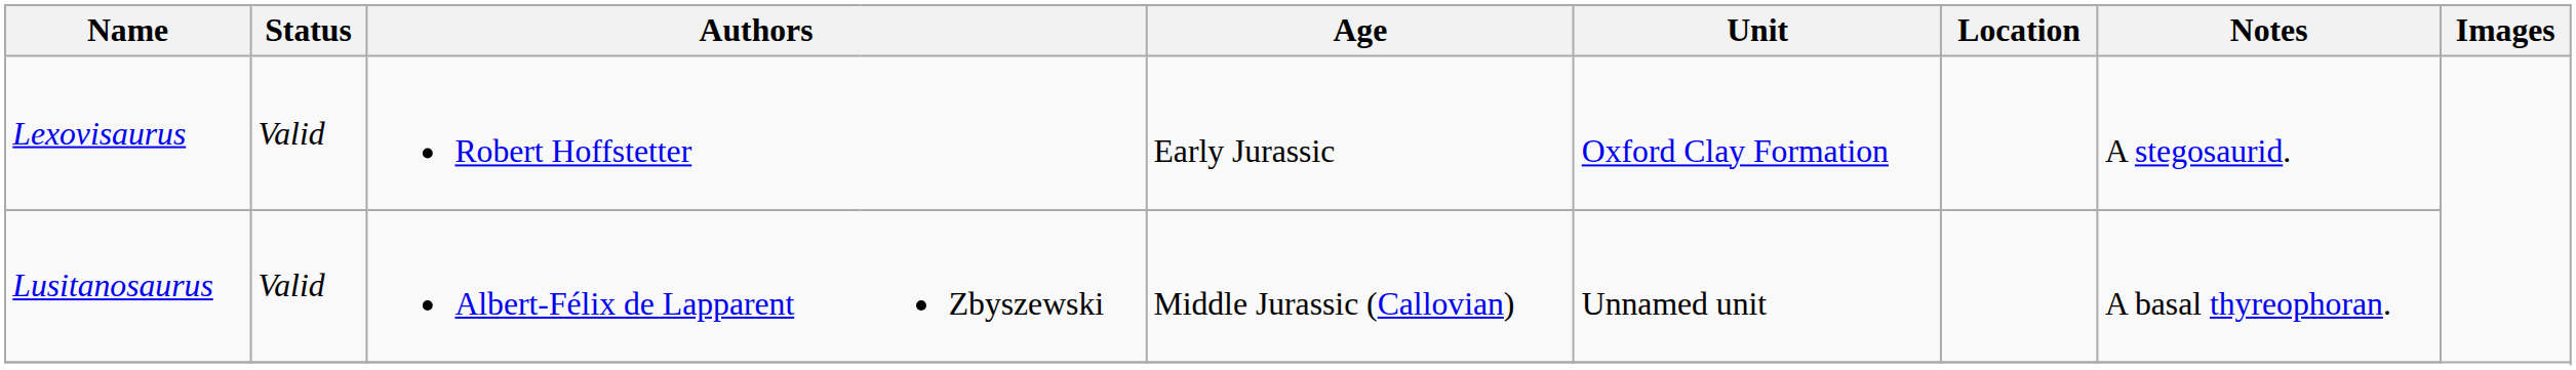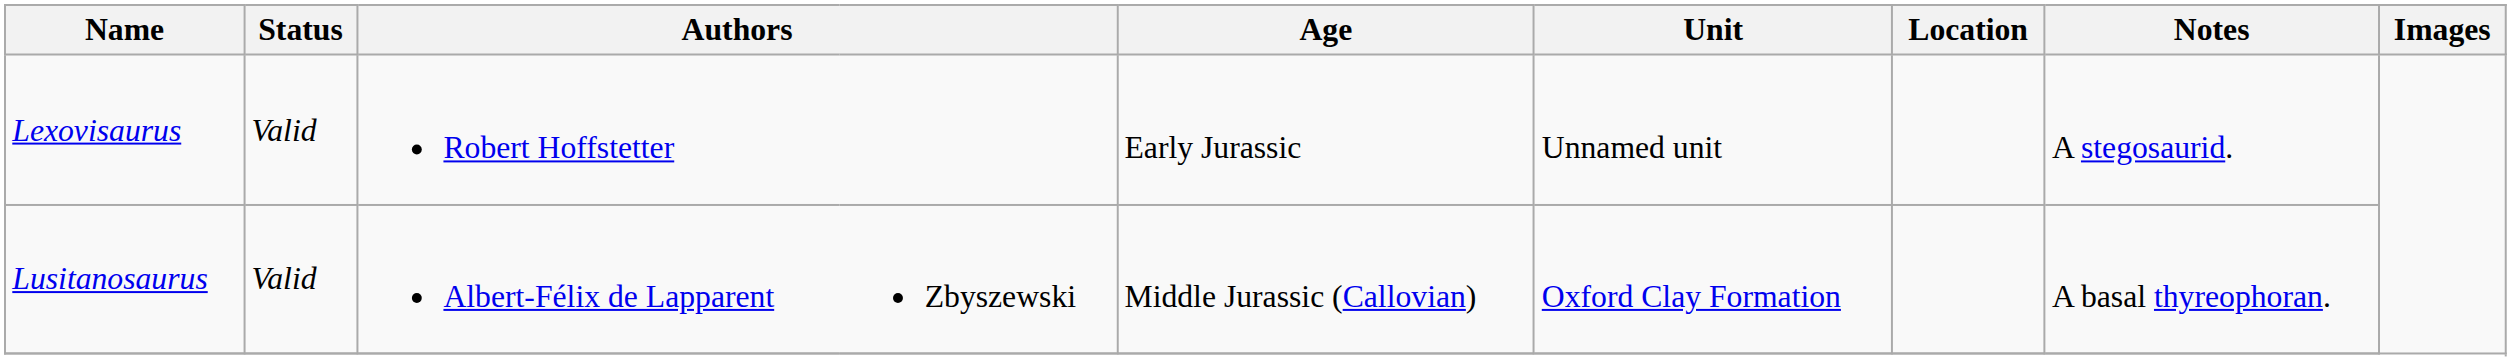 <table class="wikitable sortable" align="center" width="100%">
 <tr>
 <th>Name</th>
 <th>Status</th>
 <th colspan="2">Authors</th>
 <th>Age</th>
 <th>Unit</th>
 <th>Location</th>
 <th class="unsortable">Notes</th>
 <th class="unsortable">Images</th>
 </tr>
 <tr>
 <td><em><a href='#'>Lexovisaurus</a></em></td>
 <td><em>Valid</em></td>
 <td style="border-right:0px" valign="top"><br><ul><li><a href='#'>Robert Hoffstetter</a></li></ul></td>
 <td style="border-left:0px" valign="top"></td>
 <td><br>Early Jurassic</td>
-<td><br><a href='#'>Oxford Clay Formation</a></td>
+<td><br>Unnamed unit</td>
 <td><br> </td>
 <td><br>A <a href='#'>stegosaurid</a>.</td>
 </tr>
 <tr>
 <td><em><a href='#'>Lusitanosaurus</a></em></td>
 <td><em>Valid</em></td>
 <td style="border-right:0px" valign="top"><br><ul><li><a href='#'>Albert-Félix de Lapparent</a></li></ul></td>
 <td style="border-left:0px" valign="top"><br><ul><li>Zbyszewski</li></ul></td>
 <td><br>Middle Jurassic (<a href='#'>Callovian</a>)</td>
-<td><br>Unnamed unit</td>
+<td><br><a href='#'>Oxford Clay Formation</a></td>
 <td><br></td>
 <td><br>A basal <a href='#'>thyreophoran</a>.</td>
 </tr>
 <tr>
 </tr>
 </table>
